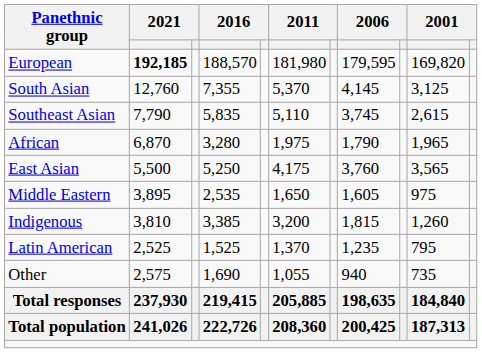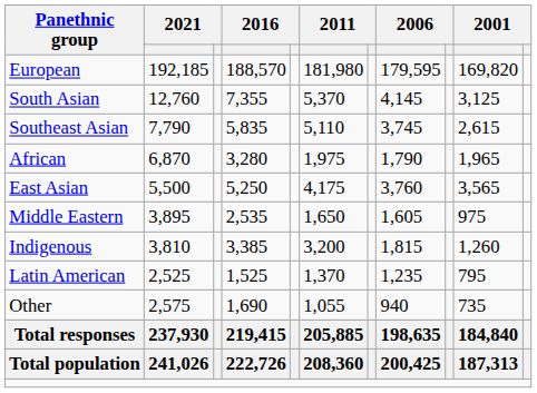 <table class="wikitable collapsible sortable">
 <tr>
 <th rowspan="2"><a href='#'>Panethnic</a><br>group</th>
 <th colspan="2">2021</th>
 <th colspan="2">2016</th>
 <th colspan="2">2011</th>
 <th colspan="2">2006</th>
 <th colspan="2">2001</th>
 </tr>
 <tr>
 <th><a href='#'></a></th>
 <th></th>
 <th></th>
 <th></th>
 <th></th>
 <th></th>
 <th></th>
 <th></th>
 <th></th>
 <th></th>
 </tr>
 <tr>
 <td><a href='#'>European</a></td>
-<td><strong>192,185</strong></td>
+<td>192,185</td>
 <td></td>
 <td>188,570</td>
 <td></td>
 <td>181,980</td>
 <td></td>
 <td>179,595</td>
 <td></td>
 <td>169,820</td>
 <td></td>
 </tr>
 <tr>
 <td><a href='#'>South Asian</a></td>
 <td>12,760</td>
 <td></td>
 <td>7,355</td>
 <td></td>
 <td>5,370</td>
 <td></td>
 <td>4,145</td>
 <td></td>
 <td>3,125</td>
 <td></td>
 </tr>
 <tr>
 <td><a href='#'>Southeast Asian</a></td>
 <td>7,790</td>
 <td></td>
 <td>5,835</td>
 <td></td>
 <td>5,110</td>
 <td></td>
 <td>3,745</td>
 <td></td>
 <td>2,615</td>
 <td></td>
 </tr>
 <tr>
 <td><a href='#'>African</a></td>
 <td>6,870</td>
 <td></td>
 <td>3,280</td>
 <td></td>
 <td>1,975</td>
 <td></td>
 <td>1,790</td>
 <td></td>
 <td>1,965</td>
 <td></td>
 </tr>
 <tr>
 <td><a href='#'>East Asian</a></td>
 <td>5,500</td>
 <td></td>
 <td>5,250</td>
 <td></td>
 <td>4,175</td>
 <td></td>
 <td>3,760</td>
 <td></td>
 <td>3,565</td>
 <td></td>
 </tr>
 <tr>
 <td><a href='#'>Middle Eastern</a></td>
 <td>3,895</td>
 <td></td>
 <td>2,535</td>
 <td></td>
 <td>1,650</td>
 <td></td>
 <td>1,605</td>
 <td></td>
 <td>975</td>
 <td></td>
 </tr>
 <tr>
 <td><a href='#'>Indigenous</a></td>
 <td>3,810</td>
 <td></td>
 <td>3,385</td>
 <td></td>
 <td>3,200</td>
 <td></td>
 <td>1,815</td>
 <td></td>
 <td>1,260</td>
 <td></td>
 </tr>
 <tr>
 <td><a href='#'>Latin American</a></td>
 <td>2,525</td>
 <td></td>
 <td>1,525</td>
 <td></td>
 <td>1,370</td>
 <td></td>
 <td>1,235</td>
 <td></td>
 <td>795</td>
 <td></td>
 </tr>
 <tr>
 <td>Other</td>
 <td>2,575</td>
 <td></td>
 <td>1,690</td>
 <td></td>
 <td>1,055</td>
 <td></td>
 <td>940</td>
 <td></td>
 <td>735</td>
 <td></td>
 </tr>
 <tr>
 <th>Total responses</th>
 <th>237,930</th>
 <th></th>
 <th>219,415</th>
 <th></th>
 <th>205,885</th>
 <th></th>
 <th>198,635</th>
 <th></th>
 <th>184,840</th>
 <th></th>
 </tr>
 <tr>
 <th>Total population</th>
 <th>241,026</th>
 <th></th>
 <th>222,726</th>
 <th></th>
 <th>208,360</th>
 <th></th>
 <th>200,425</th>
 <th></th>
 <th>187,313</th>
 <th></th>
 </tr>
 <tr class="sortbottom">
 <td colspan="15"></td>
 </tr>
 </table>
